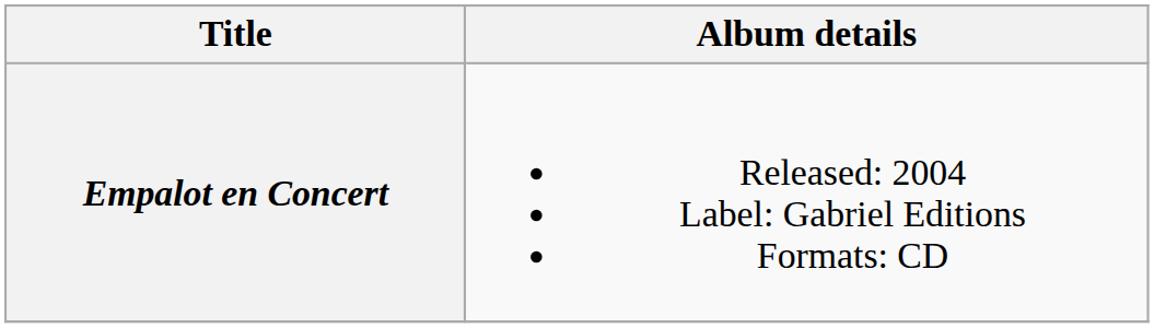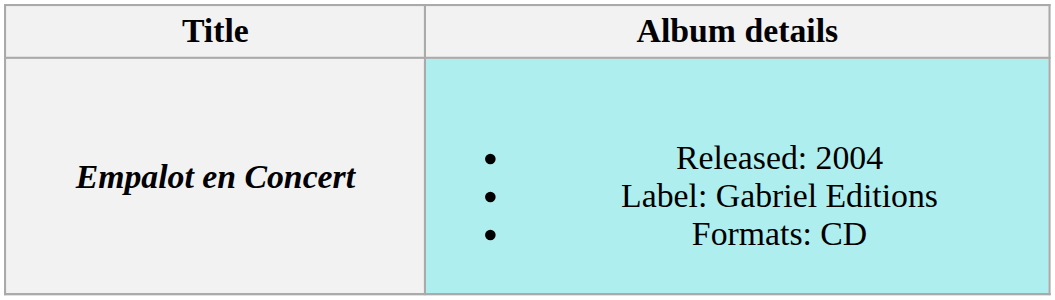 <table class="wikitable plainrowheaders" style="text-align:center;">
 <tr>
 <th scope="col" style="width:12em;">Title</th>
 <th scope="col" style="width:18em;">Album details</th>
 </tr>
 <tr>
 <th scope="row"><em>Empalot en Concert</em></th>
-<td><br><ul><li>Released: 2004</li><li>Label: Gabriel Editions</li><li>Formats: CD</li></ul></td>
+<td style="background: paleturquoise;"><br><ul><li>Released: 2004</li><li>Label: Gabriel Editions</li><li>Formats: CD</li></ul></td>
 </tr>
 <tr>
 </tr>
 </table>
